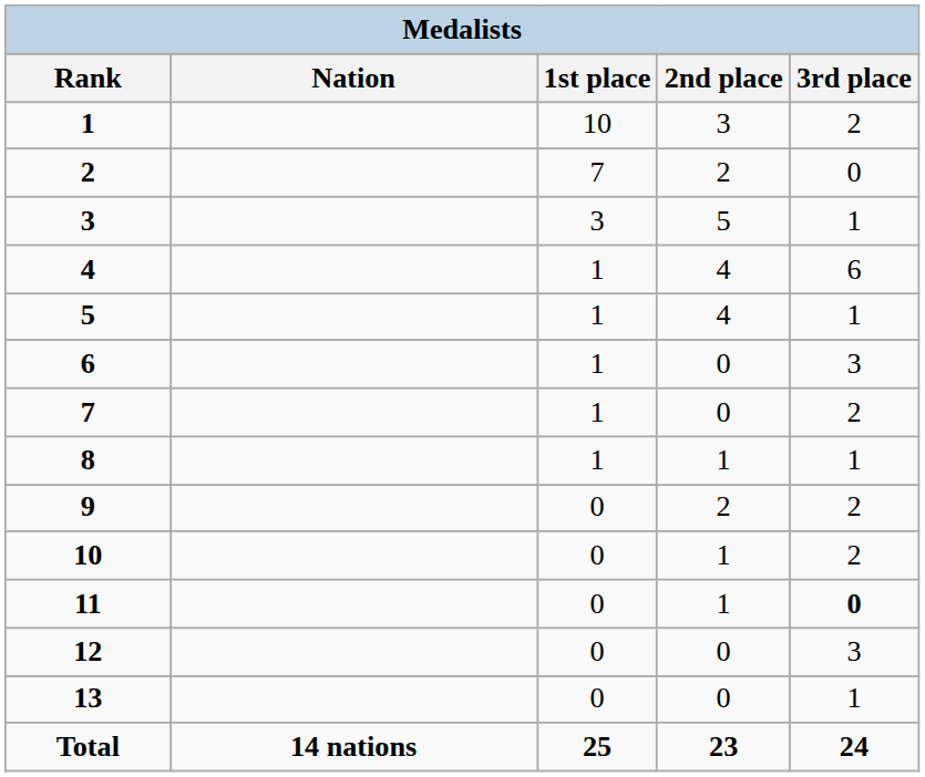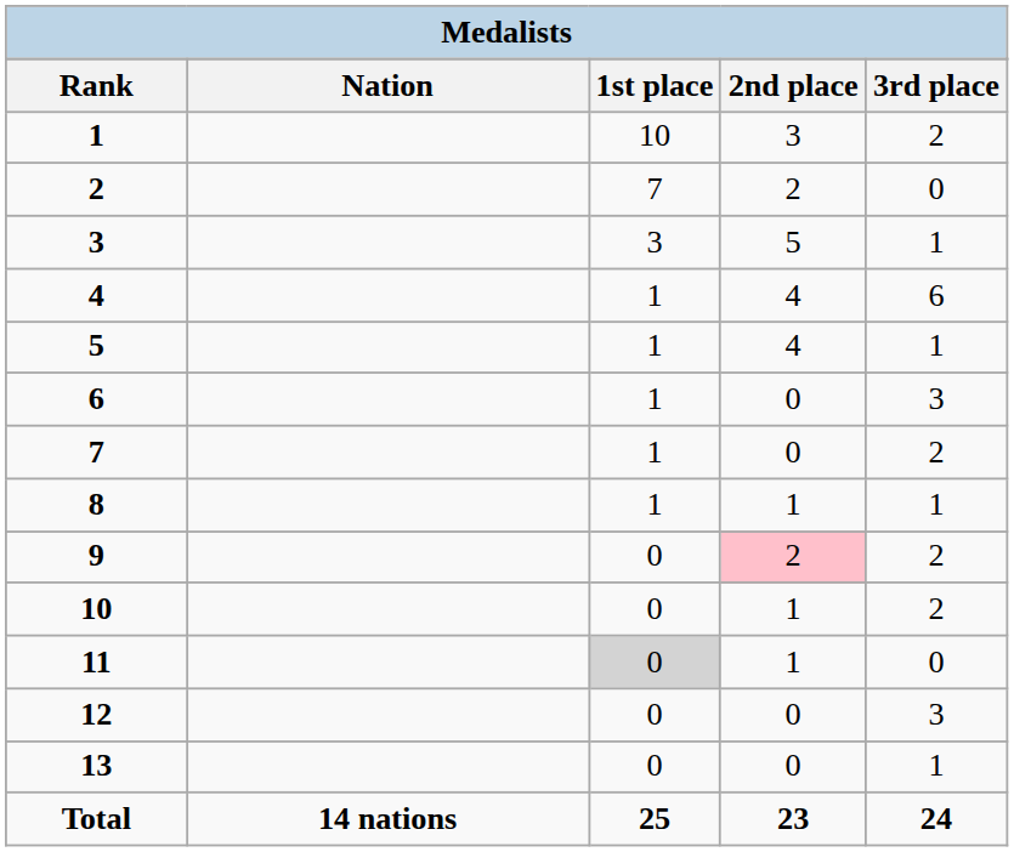 <table class="wikitable" style="text-align:center; font-size:90%">
 <tr>
 <td colspan="6" style="background:#BCD4E6"><strong>Medalists</strong></td>
 </tr>
 <tr>
 </tr>
 <tr style="background-color:#EDEDED;">
 <th width="75px" class="hintergrundfarbe5">Rank</th>
 <th width="175px" class="hintergrundfarbe6">Nation</th>
 <th>1st place</th>
 <th>2nd place</th>
 <th>3rd place</th>
 </tr>
 <tr>
 <td><strong>1</strong></td>
 <td align=left></td>
 <td>10</td>
 <td>3</td>
 <td>2</td>
 </tr>
 <tr>
 <td><strong>2</strong></td>
 <td align=left><em></em></td>
 <td>7</td>
 <td>2</td>
 <td>0</td>
 </tr>
 <tr>
 <td><strong>3</strong></td>
 <td align=left></td>
 <td>3</td>
 <td>5</td>
 <td>1</td>
 </tr>
 <tr>
 <td><strong>4</strong></td>
 <td align="left"></td>
 <td>1</td>
 <td>4</td>
 <td>6</td>
 </tr>
 <tr>
 <td><strong>5</strong></td>
 <td align="left"><em></em></td>
 <td>1</td>
 <td>4</td>
 <td>1</td>
 </tr>
 <tr>
 <td><strong>6</strong></td>
 <td align="left"></td>
 <td>1</td>
 <td>0</td>
 <td>3</td>
 </tr>
 <tr>
 <td><strong>7</strong></td>
 <td align="left"></td>
 <td>1</td>
 <td>0</td>
 <td>2</td>
 </tr>
 <tr>
 <td><strong>8</strong></td>
 <td align="left"></td>
 <td>1</td>
 <td>1</td>
 <td>1</td>
 </tr>
 <tr>
 <td><strong>9</strong></td>
 <td align=left></td>
 <td>0</td>
-<td>2</td>
+<td style="background: pink;">2</td>
 <td>2</td>
 </tr>
 <tr>
 <td><strong>10</strong></td>
 <td align=left></td>
 <td>0</td>
 <td>1</td>
 <td>2</td>
 </tr>
 <tr>
 <td><strong>11</strong></td>
 <td align=left><em></em></td>
+<td style="background: lightgrey;">0</td>
+<td>1</td>
 <td>0</td>
-<td>1</td>
-<td><strong>0</strong></td>
 </tr>
 <tr>
 <td><strong>12</strong></td>
 <td align=left></td>
 <td>0</td>
 <td>0</td>
 <td>3</td>
 </tr>
 <tr>
 <td><strong>13</strong></td>
 <td align=left></td>
 <td>0</td>
 <td>0</td>
 <td>1</td>
 </tr>
 <tr>
 <td><strong>Total</strong></td>
 <td><strong>14 nations</strong></td>
 <td><strong>25</strong></td>
 <td><strong>23</strong></td>
 <td><strong>24</strong></td>
 </tr>
 </table>
